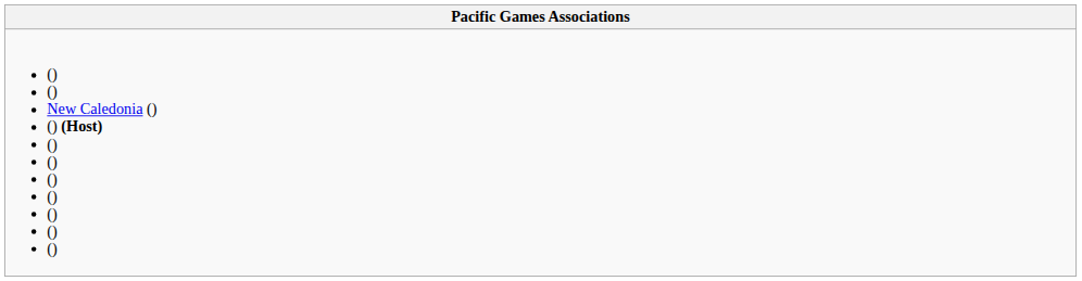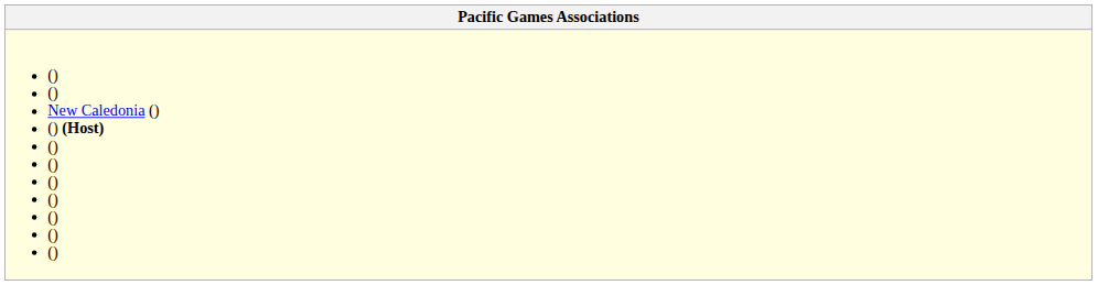 <table class="wikitable collapsible" style="min-width:70%; max-width:58em;">
 <tr>
 <th>Pacific Games Associations</th>
 </tr>
 <tr>
-<td><br><ul><li> ()</li><li> ()</li><li>  <a href='#'>New Caledonia</a> ()</li><li> () <strong>(Host)</strong></li><li> ()</li><li> ()</li><li> ()</li><li> ()</li><li> ()</li><li> ()</li><li> ()</li></ul></td>
+<td style="background: lightyellow;"><br><ul><li> ()</li><li> ()</li><li>  <a href='#'>New Caledonia</a> ()</li><li> () <strong>(Host)</strong></li><li> ()</li><li> ()</li><li> ()</li><li> ()</li><li> ()</li><li> ()</li><li> ()</li></ul></td>
 </tr>
 </table>
